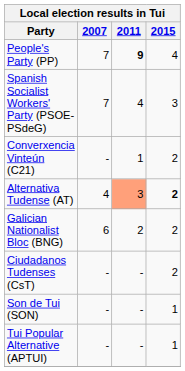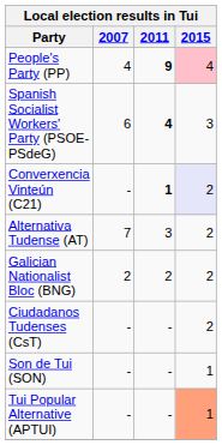 <table class="wikitable" style="font-size: 95%;">
 <tr>
 <th colspan="17">Local election results in Tui</th>
 </tr>
 <tr>
 <th style="width: 80px">Party</th>
 <th style="width: 40px"><a href='#'>2007</a></th>
 <th style="width: 40px"><a href='#'>2011</a></th>
 <th style="width: 40px"><a href='#'>2015</a></th>
 </tr>
 <tr>
 <td><a href='#'>People's Party</a> (PP)</td>
-<td align="right">7</td>
+<td align="right">4</td>
 <td align="right"><strong>9</strong></td>
-<td align="right">4</td>
+<td align="right" style="background: pink;">4</td>
 </tr>
 <tr>
 <td><a href='#'>Spanish Socialist Workers' Party</a> (PSOE-PSdeG)</td>
-<td align="right">7</td>
-<td align="right">4</td>
+<td align="right">6</td>
+<td align="right"><strong>4</strong></td>
 <td align="right">3</td>
 </tr>
 <tr>
 <td><a href='#'>Converxencia Vinteún</a> (C21)</td>
 <td align="right">-</td>
-<td align="right">1</td>
+<td align="right"><strong>1</strong></td>
+<td align="right" style="background: lavender;">2</td>
+</tr>
+<tr>
+<td><a href='#'>Alternativa Tudense</a> (AT)</td>
+<td align="right">7</td>
+<td align="right">3</td>
 <td align="right">2</td>
 </tr>
 <tr>
-<td><a href='#'>Alternativa Tudense</a> (AT)</td>
-<td align="right">4</td>
-<td align="right" style="background: lightsalmon;">3</td>
-<td align="right"><strong>2</strong></td>
-</tr>
-<tr>
 <td><a href='#'>Galician Nationalist Bloc</a> (BNG)</td>
-<td align="right">6</td>
+<td align="right">2</td>
 <td align="right">2</td>
 <td align="right">2</td>
 </tr>
 <tr>
 <td><a href='#'>Ciudadanos Tudenses</a> (CsT)</td>
 <td align="right">-</td>
 <td align="right">-</td>
 <td align="right">2</td>
 </tr>
 <tr>
 <td><a href='#'>Son de Tui</a> (SON)</td>
 <td align="right">-</td>
 <td align="right">-</td>
 <td align="right">1</td>
 </tr>
 <tr>
 <td><a href='#'>Tui Popular Alternative</a> (APTUI)</td>
 <td align="right">-</td>
 <td align="right">-</td>
-<td align="right">1</td>
+<td align="right" style="background: lightsalmon;">1</td>
 </tr>
 <tr>
 </tr>
 <tr style="background-color:#E9E9E9">
 </tr>
 <tr>
 </tr>
 </table>
